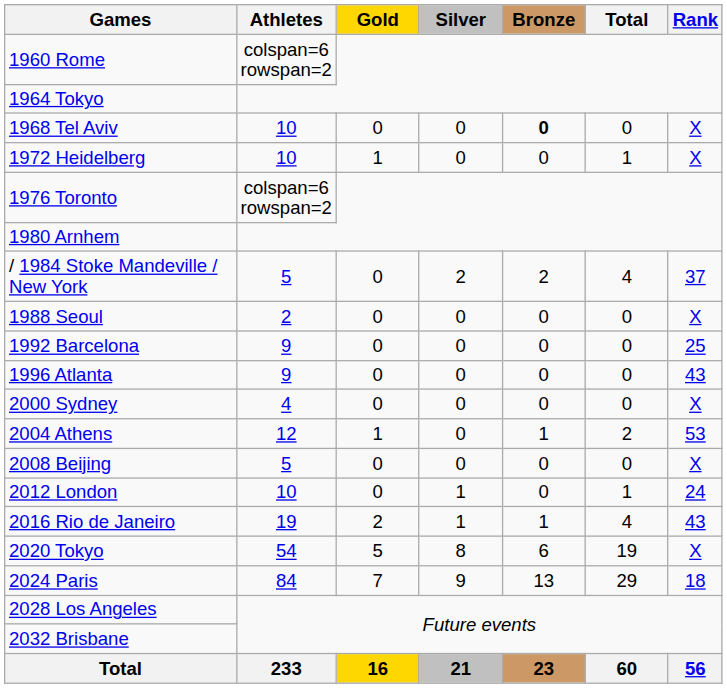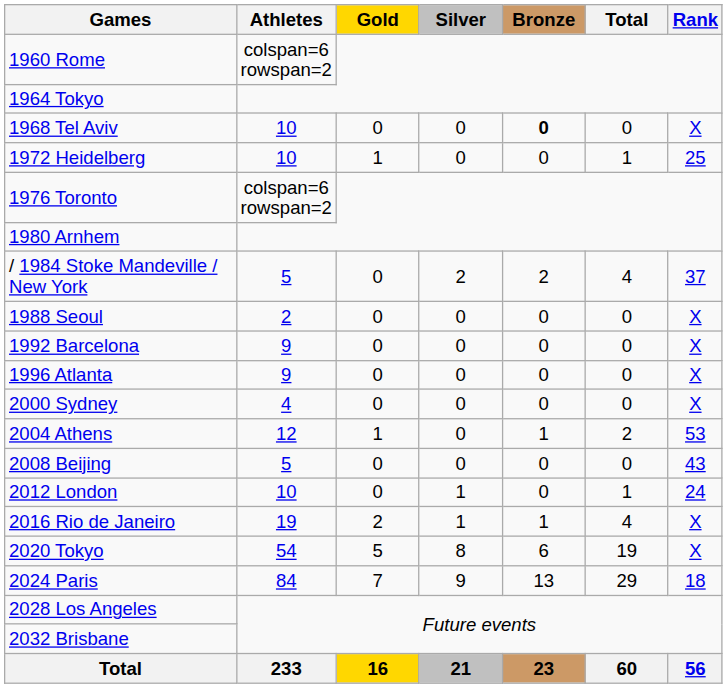 <table class="wikitable" style="text-align:center; font-size:90%;">
 <tr>
 <th style="width:12em;">Games</th>
 <th style="width:4em;">Athletes</th>
 <th style="width:4em; background:gold;">Gold</th>
 <th style="width:4em; background:silver;">Silver</th>
 <th style="width:4em; background:#cc9966;">Bronze</th>
 <th style="width:4em;">Total</th>
 <th style="width:2em;"><a href='#'>Rank</a></th>
 </tr>
 <tr>
 <td align=left> <a href='#'>1960 Rome</a></td>
 <td>colspan=6 rowspan=2 </td>
 </tr>
 <tr>
 <td align=left> <a href='#'>1964 Tokyo</a></td>
 </tr>
 <tr>
 <td align=left> <a href='#'>1968 Tel Aviv</a></td>
 <td><a href='#'>10</a></td>
 <td>0</td>
 <td>0</td>
 <td><strong>0</strong></td>
 <td>0</td>
 <td><a href='#'>X</a></td>
 </tr>
 <tr>
 <td align=left> <a href='#'>1972 Heidelberg</a></td>
 <td><a href='#'>10</a></td>
 <td>1</td>
 <td>0</td>
 <td>0</td>
 <td>1</td>
-<td><a href='#'>X</a></td>
+<td><a href='#'>25</a></td>
 </tr>
 <tr>
 <td align=left> <a href='#'>1976 Toronto</a></td>
 <td>colspan=6 rowspan=2 </td>
 </tr>
 <tr>
 <td align=left> <a href='#'>1980 Arnhem</a></td>
 </tr>
 <tr>
 <td align=left> /  <a href='#'>1984 Stoke Mandeville / New York</a></td>
 <td><a href='#'>5</a></td>
 <td>0</td>
 <td>2</td>
 <td>2</td>
 <td>4</td>
 <td><a href='#'>37</a></td>
 </tr>
 <tr>
 <td align=left> <a href='#'>1988 Seoul</a></td>
 <td><a href='#'>2</a></td>
 <td>0</td>
 <td>0</td>
 <td>0</td>
 <td>0</td>
 <td><a href='#'>X</a></td>
 </tr>
 <tr>
 <td align=left> <a href='#'>1992 Barcelona</a></td>
 <td><a href='#'>9</a></td>
 <td>0</td>
 <td>0</td>
 <td>0</td>
 <td>0</td>
-<td><a href='#'>25</a></td>
+<td><a href='#'>X</a></td>
 </tr>
 <tr>
 <td align=left> <a href='#'>1996 Atlanta</a></td>
 <td><a href='#'>9</a></td>
 <td>0</td>
 <td>0</td>
 <td>0</td>
 <td>0</td>
-<td><a href='#'>43</a></td>
+<td><a href='#'>X</a></td>
 </tr>
 <tr>
 <td align=left> <a href='#'>2000 Sydney</a></td>
 <td><a href='#'>4</a></td>
 <td>0</td>
 <td>0</td>
 <td>0</td>
 <td>0</td>
 <td><a href='#'>X</a></td>
 </tr>
 <tr>
 <td align=left> <a href='#'>2004 Athens</a></td>
 <td><a href='#'>12</a></td>
 <td>1</td>
 <td>0</td>
 <td>1</td>
 <td>2</td>
 <td><a href='#'>53</a></td>
 </tr>
 <tr>
 <td align=left> <a href='#'>2008 Beijing</a></td>
 <td><a href='#'>5</a></td>
 <td>0</td>
 <td>0</td>
 <td>0</td>
 <td>0</td>
-<td><a href='#'>X</a></td>
+<td><a href='#'>43</a></td>
 </tr>
 <tr>
 <td align=left> <a href='#'>2012 London</a></td>
 <td><a href='#'>10</a></td>
 <td>0</td>
 <td>1</td>
 <td>0</td>
 <td>1</td>
 <td><a href='#'>24</a></td>
 </tr>
 <tr>
 <td align=left> <a href='#'>2016 Rio de Janeiro</a></td>
 <td><a href='#'>19</a></td>
 <td>2</td>
 <td>1</td>
 <td>1</td>
 <td>4</td>
-<td><a href='#'>43</a></td>
+<td><a href='#'>X</a></td>
 </tr>
 <tr>
 <td align=left> <a href='#'>2020 Tokyo</a></td>
 <td><a href='#'>54</a></td>
 <td>5</td>
 <td>8</td>
 <td>6</td>
 <td>19</td>
 <td><a href='#'>X</a></td>
 </tr>
 <tr>
 <td align=left> <a href='#'>2024 Paris</a></td>
 <td><a href='#'>84</a></td>
 <td>7</td>
 <td>9</td>
 <td>13</td>
 <td>29</td>
 <td><a href='#'>18</a></td>
 </tr>
 <tr>
 <td align=left> <a href='#'>2028 Los Angeles</a></td>
 <td colspan="6" rowspan="2"><em>Future events</em></td>
 </tr>
 <tr>
 <td align=left> <a href='#'>2032 Brisbane</a></td>
 </tr>
 <tr>
 <th>Total</th>
 <th>233</th>
 <th style="background:gold;">16</th>
 <th style="background:silver;">21</th>
 <th style="background:#c96;">23</th>
 <th>60</th>
 <th><a href='#'>56</a></th>
 </tr>
 </table>
